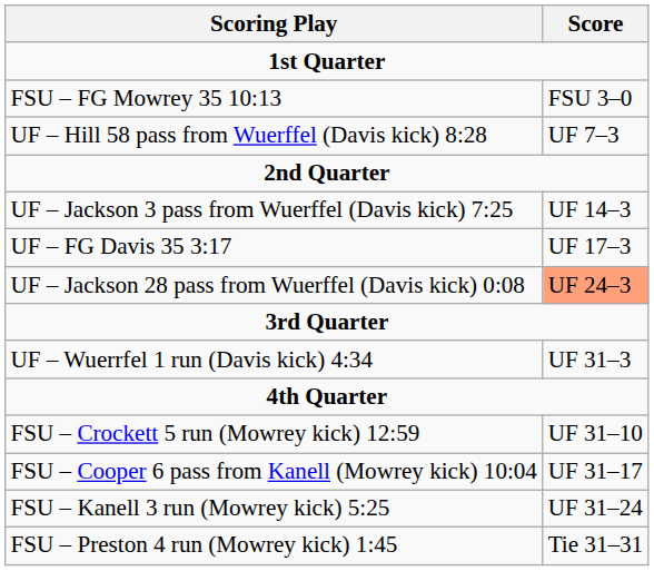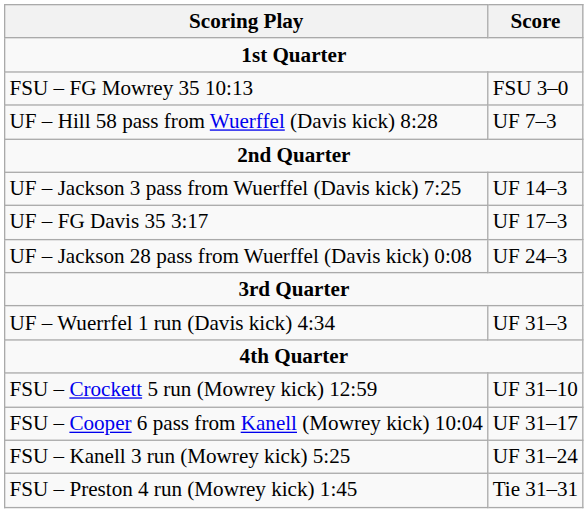 <table class="wikitable">
 <tr>
 <th>Scoring Play</th>
 <th>Score</th>
 </tr>
 <tr>
 <td colspan="4" align="center"><strong>1st Quarter</strong></td>
 </tr>
 <tr>
 <td>FSU – FG Mowrey 35 10:13</td>
 <td>FSU 3–0</td>
 </tr>
 <tr>
 <td>UF – Hill 58 pass from <a href='#'>Wuerffel</a> (Davis kick) 8:28</td>
 <td>UF 7–3</td>
 </tr>
 <tr>
 <td colspan="4" align="center"><strong>2nd Quarter</strong></td>
 </tr>
 <tr>
 <td>UF – Jackson 3 pass from Wuerffel (Davis kick) 7:25</td>
 <td>UF 14–3</td>
 </tr>
 <tr>
 <td>UF – FG Davis 35 3:17</td>
 <td>UF 17–3</td>
 </tr>
 <tr>
 <td>UF – Jackson 28 pass from Wuerffel (Davis kick) 0:08</td>
-<td style="background: lightsalmon;">UF 24–3</td>
+<td>UF 24–3</td>
 </tr>
 <tr>
 <td colspan="6" align="center"><strong>3rd Quarter</strong></td>
 </tr>
 <tr>
 <td>UF – Wuerrfel 1 run (Davis kick) 4:34</td>
 <td>UF 31–3</td>
 </tr>
 <tr>
 <td colspan="6" align="center"><strong>4th Quarter</strong></td>
 </tr>
 <tr>
 <td>FSU – <a href='#'>Crockett</a> 5 run (Mowrey kick) 12:59</td>
 <td>UF 31–10</td>
 </tr>
 <tr>
 <td>FSU – <a href='#'>Cooper</a> 6 pass from <a href='#'>Kanell</a> (Mowrey kick) 10:04</td>
 <td>UF 31–17</td>
 </tr>
 <tr>
 <td>FSU – Kanell 3 run (Mowrey kick) 5:25</td>
 <td>UF 31–24</td>
 </tr>
 <tr>
 <td>FSU – Preston 4 run (Mowrey kick) 1:45</td>
 <td>Tie 31–31</td>
 </tr>
 </table>
